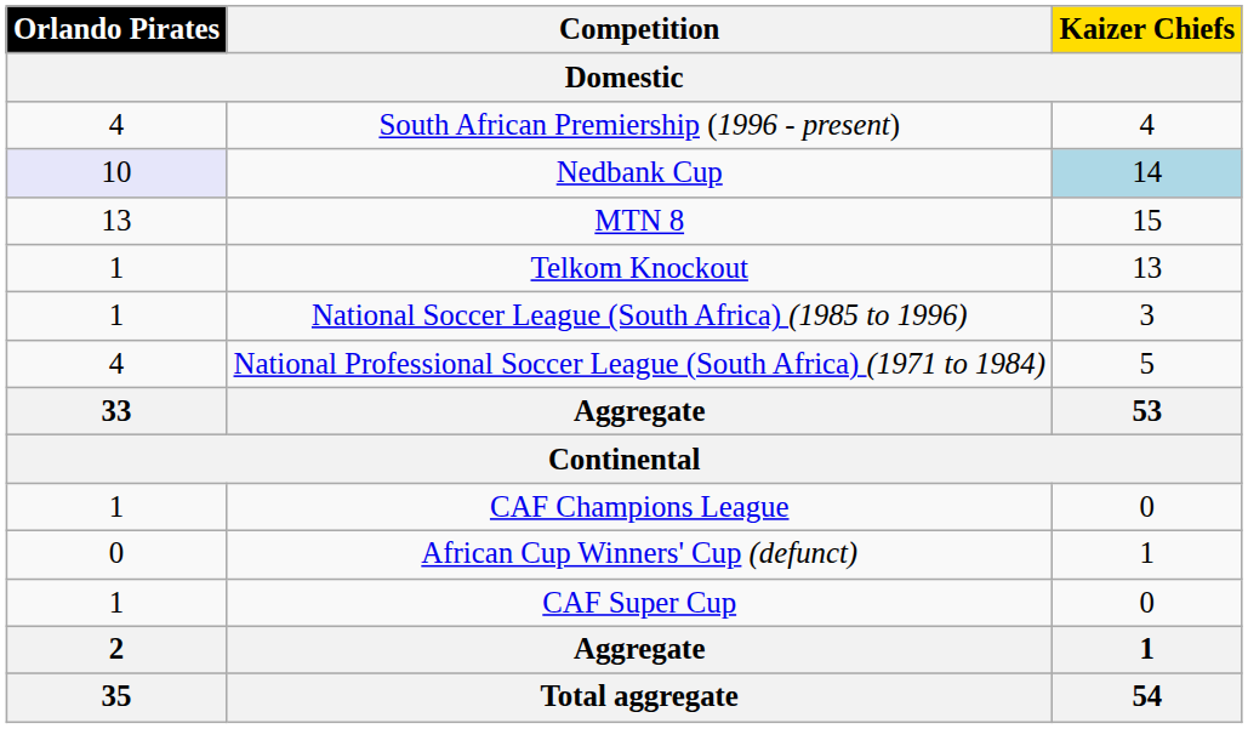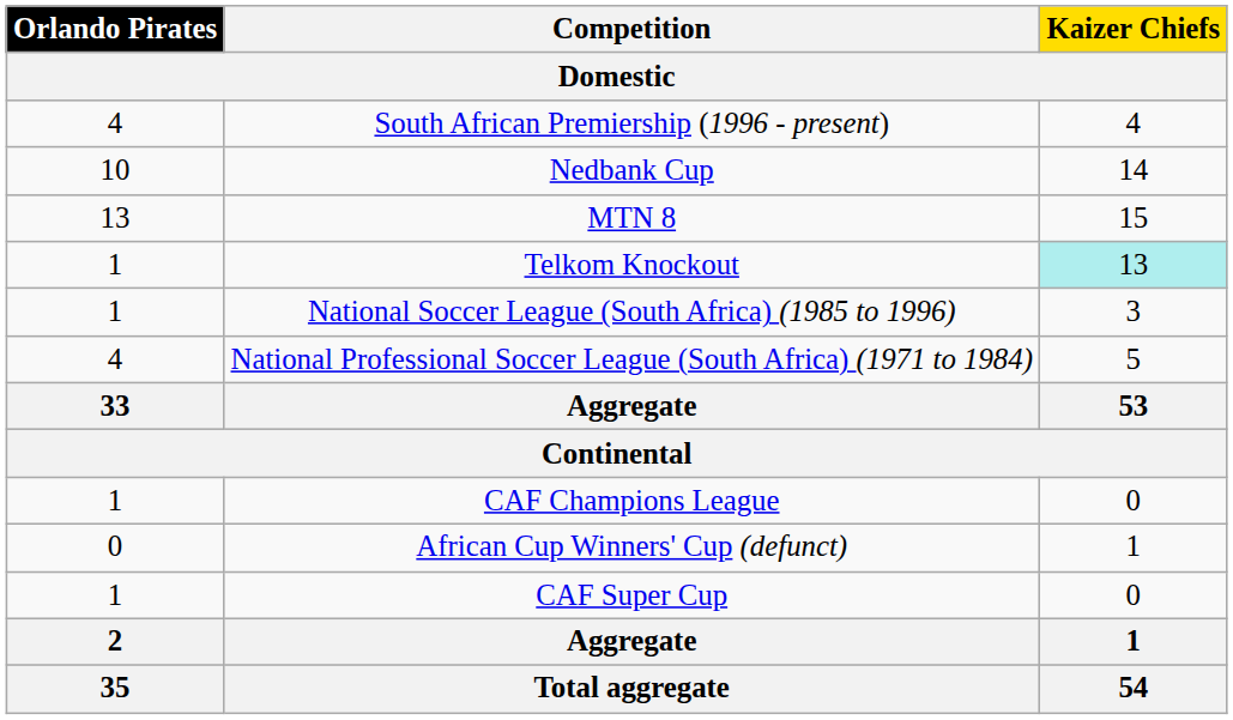 <table class="wikitable" style="width:auto; margin:auto;">
 <tr>
 <th style="color:#fff000; background:#000000;color:#fff;">Orlando Pirates</th>
 <th>Competition</th>
 <th style="color:#000c99; background:#ffdd00;color:#000;">Kaizer Chiefs</th>
 </tr>
 <tr style="text-align:center;">
 <th colspan="4"><strong>Domestic</strong></th>
 </tr>
 <tr style="text-align:center;">
 <td>4</td>
 <td><a href='#'>South African Premiership</a> (<em>1996 - present</em>)</td>
 <td>4</td>
 </tr>
 <tr style="text-align:center;">
-<td style="background: lavender;">10</td>
+<td>10</td>
 <td><a href='#'>Nedbank Cup</a></td>
-<td style="background: lightblue;">14</td>
+<td>14</td>
 </tr>
 <tr style="text-align:center;">
 <td>13</td>
 <td><a href='#'>MTN 8</a></td>
 <td>15</td>
 </tr>
 <tr style="text-align:center;">
 <td>1</td>
 <td><a href='#'>Telkom Knockout</a></td>
-<td>13</td>
+<td style="background: paleturquoise;">13</td>
 </tr>
 <tr style="text-align:center;">
 <td>1</td>
 <td><a href='#'>National Soccer League (South Africa)  </a> <em>(1985 to 1996)</em></td>
 <td>3</td>
 </tr>
 <tr align="center">
 <td>4</td>
 <td><a href='#'>National Professional Soccer League (South Africa)  </a> <em>(1971 to 1984)</em></td>
 <td>5</td>
 </tr>
 <tr align="center">
 <th><strong>33</strong></th>
 <th><strong>Aggregate</strong></th>
 <th><strong>53</strong></th>
 </tr>
 <tr style="text-align:center;">
 <th colspan="4"><strong>Continental</strong></th>
 </tr>
 <tr style="text-align:center;">
 <td>1</td>
 <td><a href='#'>CAF Champions League</a></td>
 <td>0</td>
 </tr>
 <tr style="text-align:center;">
 <td>0</td>
 <td><a href='#'>African Cup Winners' Cup</a> <em>(defunct)</em></td>
 <td>1</td>
 </tr>
 <tr style="text-align:center;">
 <td>1</td>
 <td><a href='#'>CAF Super Cup</a></td>
 <td>0</td>
 </tr>
 <tr style="text-align:center;">
 <th><strong>2</strong></th>
 <th><strong>Aggregate</strong></th>
 <th><strong>1</strong></th>
 </tr>
 <tr align="center">
 <th><strong>35</strong></th>
 <th><strong>Total aggregate</strong></th>
 <th><strong>54</strong></th>
 </tr>
 </table>
